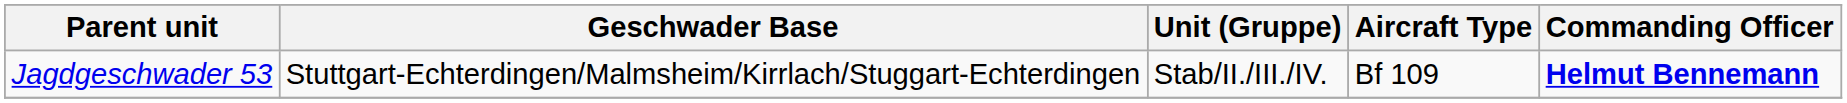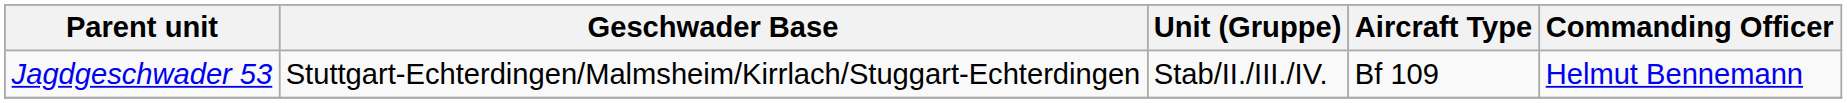 <table class="wikitable">
 <tr>
 <th>Parent unit</th>
 <th>Geschwader Base</th>
 <th>Unit (Gruppe)</th>
 <th>Aircraft Type</th>
 <th>Commanding Officer</th>
 </tr>
 <tr>
 <td><em><a href='#'>Jagdgeschwader 53</a></em></td>
 <td>Stuttgart-Echterdingen/Malmsheim/Kirrlach/Stuggart-Echterdingen</td>
 <td>Stab/II./III./IV.</td>
 <td>Bf 109</td>
-<td><strong><a href='#'>Helmut Bennemann</a></strong></td>
+<td><a href='#'>Helmut Bennemann</a></td>
 </tr>
 <tr>
 </tr>
 </table>
